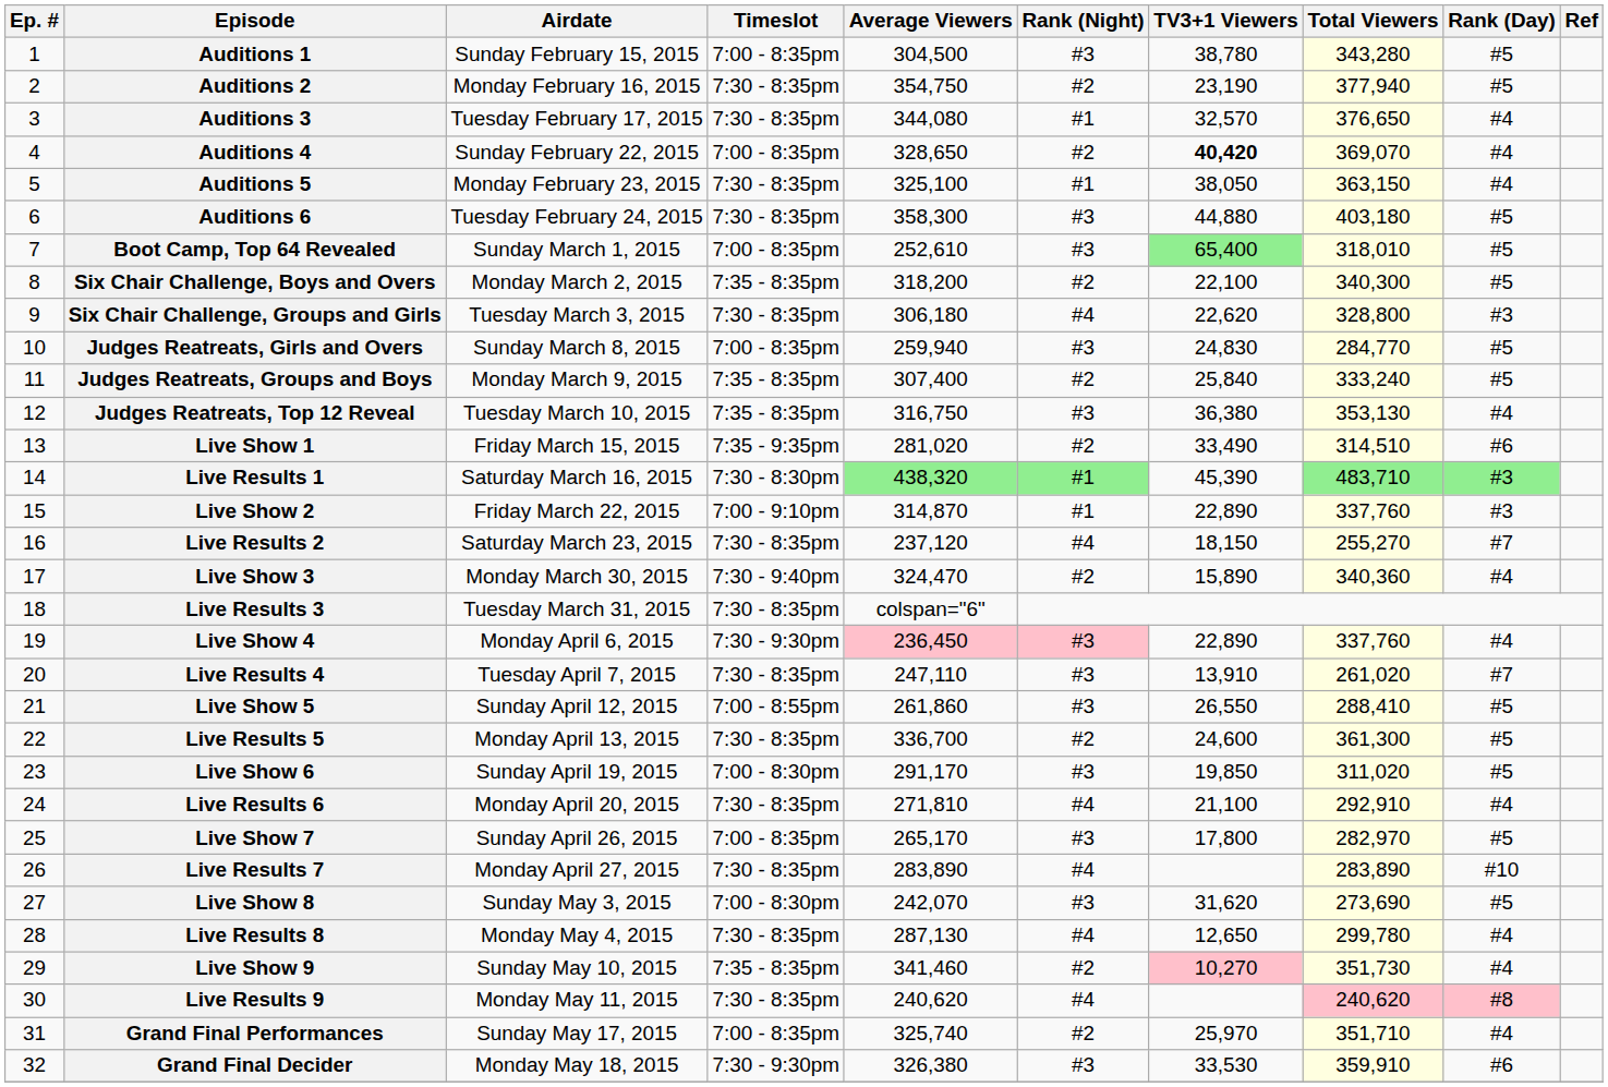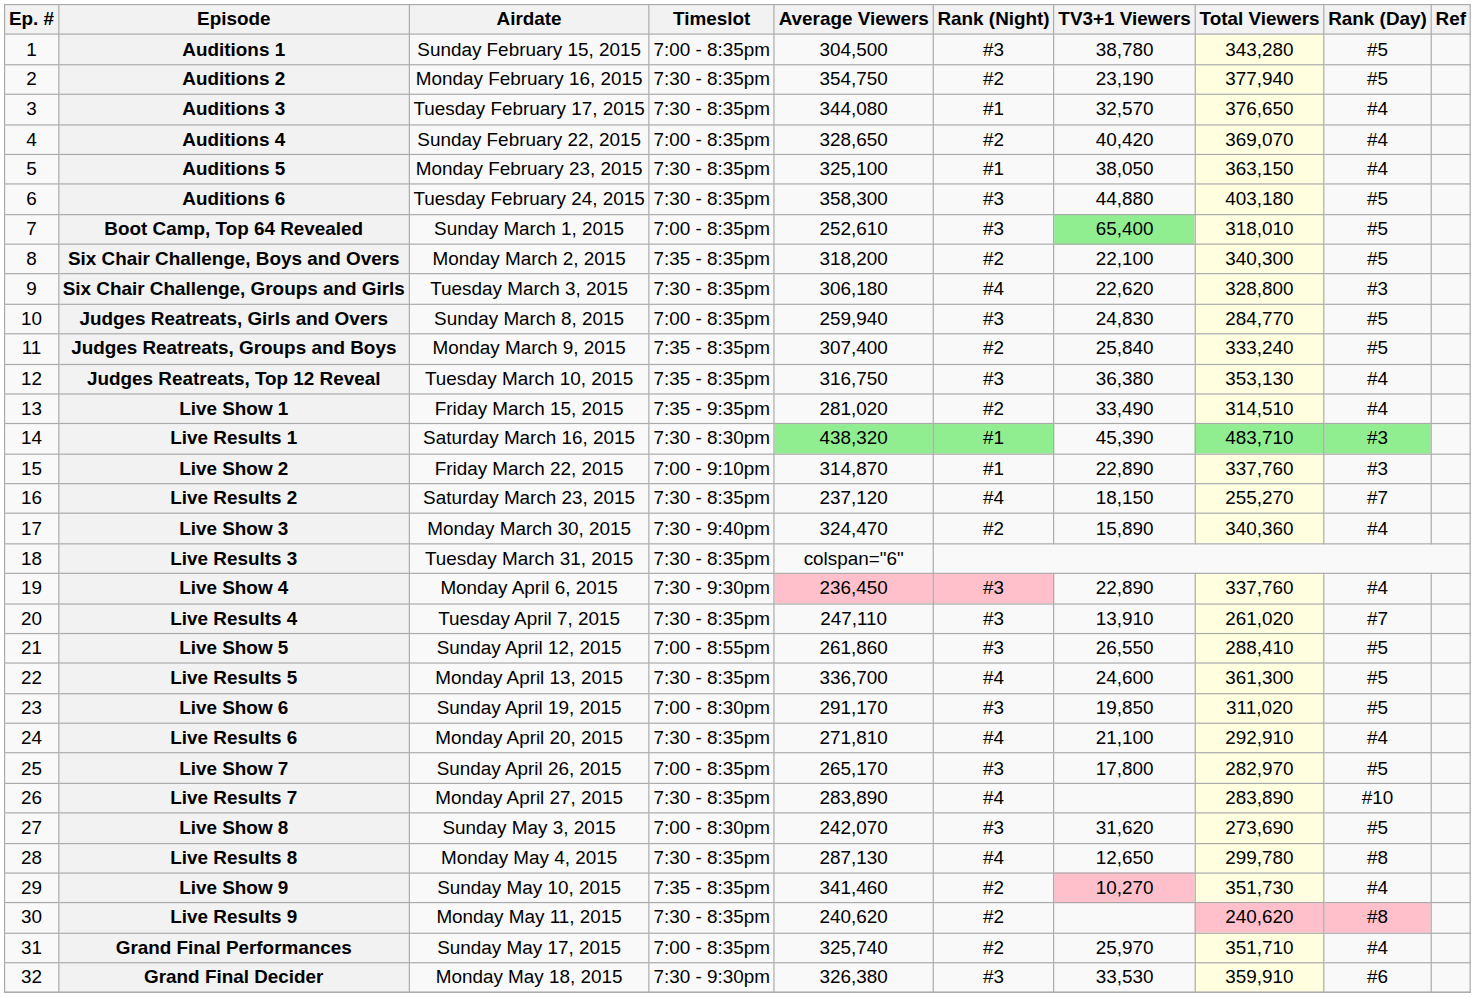 <table class="wikitable sortable" style="text-align:center">
 <tr>
 <th>Ep. #</th>
 <th>Episode</th>
 <th>Airdate</th>
 <th>Timeslot</th>
 <th>Average Viewers</th>
 <th>Rank (Night)</th>
 <th>TV3+1 Viewers</th>
 <th>Total Viewers</th>
 <th>Rank (Day)</th>
 <th>Ref</th>
 </tr>
 <tr>
 <td>1</td>
 <th>Auditions 1</th>
 <td>Sunday February 15, 2015</td>
 <td>7:00 - 8:35pm</td>
 <td>304,500</td>
 <td>#3</td>
 <td>38,780</td>
 <td style="background:lightyellow">343,280</td>
 <td>#5</td>
 <td></td>
 </tr>
 <tr>
 <td>2</td>
 <th>Auditions 2</th>
 <td>Monday February 16, 2015</td>
 <td>7:30 - 8:35pm</td>
 <td>354,750</td>
 <td>#2</td>
 <td>23,190</td>
 <td style="background:lightyellow">377,940</td>
 <td>#5</td>
 <td></td>
 </tr>
 <tr>
 <td>3</td>
 <th>Auditions 3</th>
 <td>Tuesday February 17, 2015</td>
 <td>7:30 - 8:35pm</td>
 <td>344,080</td>
 <td>#1</td>
 <td>32,570</td>
 <td style="background:lightyellow">376,650</td>
 <td>#4</td>
 <td></td>
 </tr>
 <tr>
 <td>4</td>
 <th>Auditions 4</th>
 <td>Sunday February 22, 2015</td>
 <td>7:00 - 8:35pm</td>
 <td>328,650</td>
 <td>#2</td>
-<td><strong>40,420</strong></td>
+<td>40,420</td>
 <td style="background:lightyellow">369,070</td>
 <td>#4</td>
 <td></td>
 </tr>
 <tr>
 <td>5</td>
 <th>Auditions 5</th>
 <td>Monday February 23, 2015</td>
 <td>7:30 - 8:35pm</td>
 <td>325,100</td>
 <td>#1</td>
 <td>38,050</td>
 <td style="background:lightyellow">363,150</td>
 <td>#4</td>
 <td></td>
 </tr>
 <tr>
 <td>6</td>
 <th>Auditions 6</th>
 <td>Tuesday February 24, 2015</td>
 <td>7:30 - 8:35pm</td>
 <td>358,300</td>
 <td>#3</td>
 <td>44,880</td>
 <td style="background:lightyellow">403,180</td>
 <td>#5</td>
 <td></td>
 </tr>
 <tr>
 <td>7</td>
 <th>Boot Camp, Top 64 Revealed</th>
 <td>Sunday March 1, 2015</td>
 <td>7:00 - 8:35pm</td>
 <td>252,610</td>
 <td>#3</td>
 <td style="background:#90EE90">65,400</td>
 <td style="background:lightyellow">318,010</td>
 <td>#5</td>
 <td></td>
 </tr>
 <tr>
 <td>8</td>
 <th>Six Chair Challenge, Boys and Overs</th>
 <td>Monday March 2, 2015</td>
 <td>7:35 - 8:35pm</td>
 <td>318,200</td>
 <td>#2</td>
 <td>22,100</td>
 <td style="background:lightyellow">340,300</td>
 <td>#5</td>
 <td></td>
 </tr>
 <tr>
 <td>9</td>
 <th>Six Chair Challenge, Groups and Girls</th>
 <td>Tuesday March 3, 2015</td>
 <td>7:30 - 8:35pm</td>
 <td>306,180</td>
 <td>#4</td>
 <td>22,620</td>
 <td style="background:lightyellow">328,800</td>
 <td>#3</td>
 <td></td>
 </tr>
 <tr>
 <td>10</td>
 <th>Judges Reatreats, Girls and Overs</th>
 <td>Sunday March 8, 2015</td>
 <td>7:00 - 8:35pm</td>
 <td>259,940</td>
 <td>#3</td>
 <td>24,830</td>
 <td style="background:lightyellow">284,770</td>
 <td>#5</td>
 <td></td>
 </tr>
 <tr>
 <td>11</td>
 <th>Judges Reatreats, Groups and Boys</th>
 <td>Monday March 9, 2015</td>
 <td>7:35 - 8:35pm</td>
 <td>307,400</td>
 <td>#2</td>
 <td>25,840</td>
 <td style="background:lightyellow">333,240</td>
 <td>#5</td>
 <td></td>
 </tr>
 <tr>
 <td>12</td>
 <th>Judges Reatreats, Top 12 Reveal</th>
 <td>Tuesday March 10, 2015</td>
 <td>7:35 - 8:35pm</td>
 <td>316,750</td>
 <td>#3</td>
 <td>36,380</td>
 <td style="background:lightyellow">353,130</td>
 <td>#4</td>
 <td></td>
 </tr>
 <tr>
 <td>13</td>
 <th>Live Show 1</th>
 <td>Friday March 15, 2015</td>
 <td>7:35 - 9:35pm</td>
 <td>281,020</td>
 <td>#2</td>
 <td>33,490</td>
 <td style="background:lightyellow">314,510</td>
-<td>#6</td>
+<td>#4</td>
 <td></td>
 </tr>
 <tr>
 <td>14</td>
 <th>Live Results 1</th>
 <td>Saturday March 16, 2015</td>
 <td>7:30 - 8:30pm</td>
 <td style="background:#90EE90">438,320</td>
 <td style="background:#90EE90">#1</td>
 <td>45,390</td>
 <td style="background:#90EE90">483,710</td>
 <td style="background:#90EE90">#3</td>
 <td></td>
 </tr>
 <tr>
 <td>15</td>
 <th>Live Show 2</th>
 <td>Friday March 22, 2015</td>
 <td>7:00 - 9:10pm</td>
 <td>314,870</td>
 <td>#1</td>
 <td>22,890</td>
 <td style="background:lightyellow">337,760</td>
 <td>#3</td>
 <td></td>
 </tr>
 <tr>
 <td>16</td>
 <th>Live Results 2</th>
 <td>Saturday March 23, 2015</td>
 <td>7:30 - 8:35pm</td>
 <td>237,120</td>
 <td>#4</td>
 <td>18,150</td>
 <td style="background:lightyellow">255,270</td>
 <td>#7</td>
 <td></td>
 </tr>
 <tr>
 <td>17</td>
 <th>Live Show 3</th>
 <td>Monday March 30, 2015</td>
 <td>7:30 - 9:40pm</td>
 <td>324,470</td>
 <td>#2</td>
 <td>15,890</td>
 <td style="background:lightyellow">340,360</td>
 <td>#4</td>
 <td></td>
 </tr>
 <tr>
 <td>18</td>
 <th>Live Results 3</th>
 <td>Tuesday March 31, 2015</td>
 <td>7:30 - 8:35pm</td>
 <td>colspan="6" </td>
 </tr>
 <tr>
 <td>19</td>
 <th>Live Show 4</th>
 <td>Monday April 6, 2015</td>
 <td>7:30 - 9:30pm</td>
 <td style="background:#FFC0CB">236,450</td>
 <td style="background:#FFC0CB">#3</td>
 <td>22,890</td>
 <td style="background:lightyellow">337,760</td>
 <td>#4</td>
 <td></td>
 </tr>
 <tr>
 <td>20</td>
 <th>Live Results 4</th>
 <td>Tuesday April 7, 2015</td>
 <td>7:30 - 8:35pm</td>
 <td>247,110</td>
 <td>#3</td>
 <td>13,910</td>
 <td style="background:lightyellow">261,020</td>
 <td>#7</td>
 <td></td>
 </tr>
 <tr>
 <td>21</td>
 <th>Live Show 5</th>
 <td>Sunday April 12, 2015</td>
 <td>7:00 - 8:55pm</td>
 <td>261,860</td>
 <td>#3</td>
 <td>26,550</td>
 <td style="background:lightyellow">288,410</td>
 <td>#5</td>
 <td></td>
 </tr>
 <tr>
 <td>22</td>
 <th>Live Results 5</th>
 <td>Monday April 13, 2015</td>
 <td>7:30 - 8:35pm</td>
 <td>336,700</td>
-<td>#2</td>
+<td>#4</td>
 <td>24,600</td>
 <td style="background:lightyellow">361,300</td>
 <td>#5</td>
 <td></td>
 </tr>
 <tr>
 <td>23</td>
 <th>Live Show 6</th>
 <td>Sunday April 19, 2015</td>
 <td>7:00 - 8:30pm</td>
 <td>291,170</td>
 <td>#3</td>
 <td>19,850</td>
 <td style="background:lightyellow">311,020</td>
 <td>#5</td>
 <td></td>
 </tr>
 <tr>
 <td>24</td>
 <th>Live Results 6</th>
 <td>Monday April 20, 2015</td>
 <td>7:30 - 8:35pm</td>
 <td>271,810</td>
 <td>#4</td>
 <td>21,100</td>
 <td style="background:lightyellow">292,910</td>
 <td>#4</td>
 <td></td>
 </tr>
 <tr>
 <td>25</td>
 <th>Live Show 7</th>
 <td>Sunday April 26, 2015</td>
 <td>7:00 - 8:35pm</td>
 <td>265,170</td>
 <td>#3</td>
 <td>17,800</td>
 <td style="background:lightyellow">282,970</td>
 <td>#5</td>
 <td></td>
 </tr>
 <tr>
 <td>26</td>
 <th>Live Results 7</th>
 <td>Monday April 27, 2015</td>
 <td>7:30 - 8:35pm</td>
 <td>283,890</td>
 <td>#4</td>
 <td></td>
 <td style="background:lightyellow">283,890</td>
 <td>#10</td>
 <td></td>
 </tr>
 <tr>
 <td>27</td>
 <th>Live Show 8</th>
 <td>Sunday May 3, 2015</td>
 <td>7:00 - 8:30pm</td>
 <td>242,070</td>
 <td>#3</td>
 <td>31,620</td>
 <td style="background:lightyellow">273,690</td>
 <td>#5</td>
 <td></td>
 </tr>
 <tr>
 <td>28</td>
 <th>Live Results 8</th>
 <td>Monday May 4, 2015</td>
 <td>7:30 - 8:35pm</td>
 <td>287,130</td>
 <td>#4</td>
 <td>12,650</td>
 <td style="background:lightyellow">299,780</td>
-<td>#4</td>
+<td>#8</td>
 <td></td>
 </tr>
 <tr>
 <td>29</td>
 <th>Live Show 9</th>
 <td>Sunday May 10, 2015</td>
 <td>7:35 - 8:35pm</td>
 <td>341,460</td>
 <td>#2</td>
 <td style="background:#FFC0CB">10,270</td>
 <td style="background:lightyellow">351,730</td>
 <td>#4</td>
 <td></td>
 </tr>
 <tr>
 <td>30</td>
 <th>Live Results 9</th>
 <td>Monday May 11, 2015</td>
 <td>7:30 - 8:35pm</td>
 <td>240,620</td>
-<td>#4</td>
+<td>#2</td>
 <td></td>
 <td style="background:#FFC0CB">240,620</td>
 <td style="background:#FFC0CB">#8</td>
 <td></td>
 </tr>
 <tr>
 <td>31</td>
 <th>Grand Final Performances</th>
 <td>Sunday May 17, 2015</td>
 <td>7:00 - 8:35pm</td>
 <td>325,740</td>
 <td>#2</td>
 <td>25,970</td>
 <td style="background:lightyellow">351,710</td>
 <td>#4</td>
 <td></td>
 </tr>
 <tr>
 <td>32</td>
 <th>Grand Final Decider</th>
 <td>Monday May 18, 2015</td>
 <td>7:30 - 9:30pm</td>
 <td>326,380</td>
 <td>#3</td>
 <td>33,530</td>
 <td style="background:lightyellow">359,910</td>
 <td>#6</td>
 <td></td>
 </tr>
 <tr>
 </tr>
 </table>
